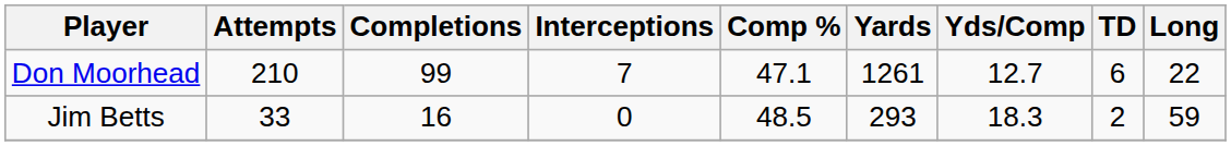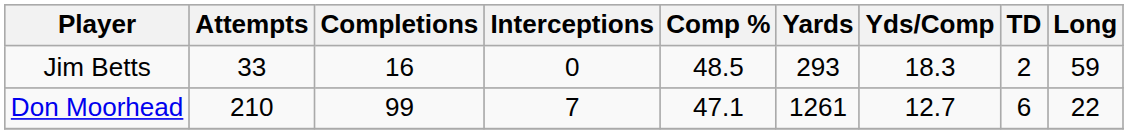 <table class="wikitable" style="text-align:center">
 <tr>
 <th>Player</th>
 <th>Attempts</th>
 <th>Completions</th>
 <th>Interceptions</th>
 <th>Comp %</th>
 <th>Yards</th>
 <th>Yds/Comp</th>
 <th>TD</th>
 <th>Long</th>
 </tr>
 <tr>
+<td>Jim Betts</td>
+<td>33</td>
+<td>16</td>
+<td>0</td>
+<td>48.5</td>
+<td>293</td>
+<td>18.3</td>
+<td>2</td>
+<td>59</td>
+</tr>
+<tr>
 <td><a href='#'>Don Moorhead</a></td>
 <td>210</td>
 <td>99</td>
 <td>7</td>
 <td>47.1</td>
 <td>1261</td>
 <td>12.7</td>
 <td>6</td>
 <td>22</td>
 </tr>
 <tr>
-<td>Jim Betts</td>
-<td>33</td>
-<td>16</td>
-<td>0</td>
-<td>48.5</td>
-<td>293</td>
-<td>18.3</td>
-<td>2</td>
-<td>59</td>
-</tr>
-<tr>
 </tr>
 </table>
